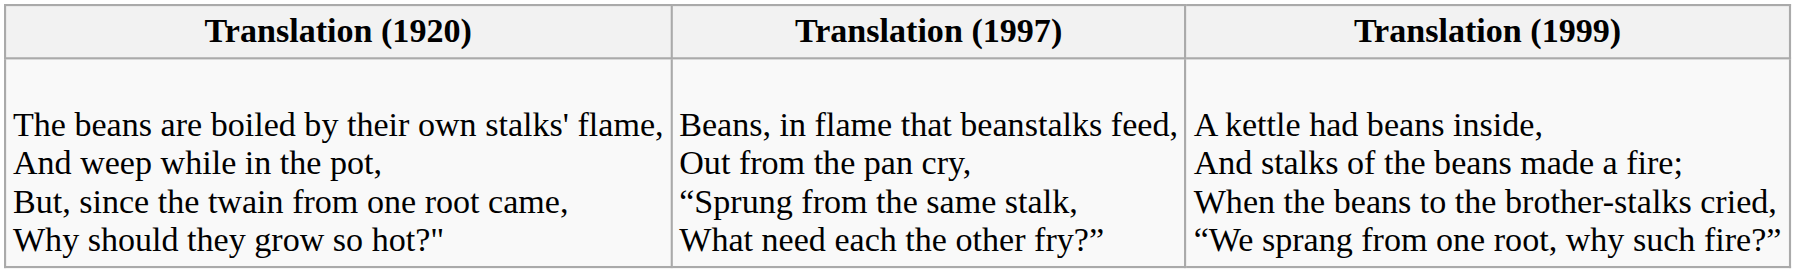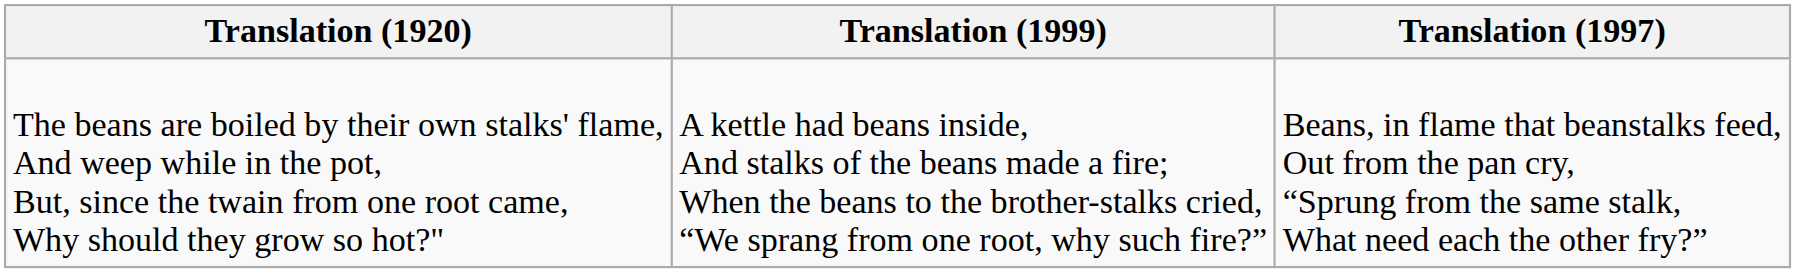 <table class="wikitable">
 <tr>
 <th>Translation (1920)</th>
+<th>Translation (1999)</th>
 <th>Translation (1997)</th>
-<th>Translation (1999)</th>
 </tr>
 <tr>
 <td><br>The beans are boiled by their own stalks' flame,<br> And weep while in the pot,<br> But, since the twain from one root came,<br> Why should they grow so hot?"</td>
+<td><br>A kettle had beans inside,<br> And stalks of the beans made a fire;<br> When the beans to the brother-stalks cried,<br> “We sprang from one root, why such fire?”</td>
 <td><br>Beans, in flame that beanstalks feed,<br> Out from the pan cry,<br> “Sprung from the same stalk,<br> What need each the other fry?”</td>
-<td><br>A kettle had beans inside,<br> And stalks of the beans made a fire;<br> When the beans to the brother-stalks cried,<br> “We sprang from one root, why such fire?”</td>
 </tr>
 </table>
